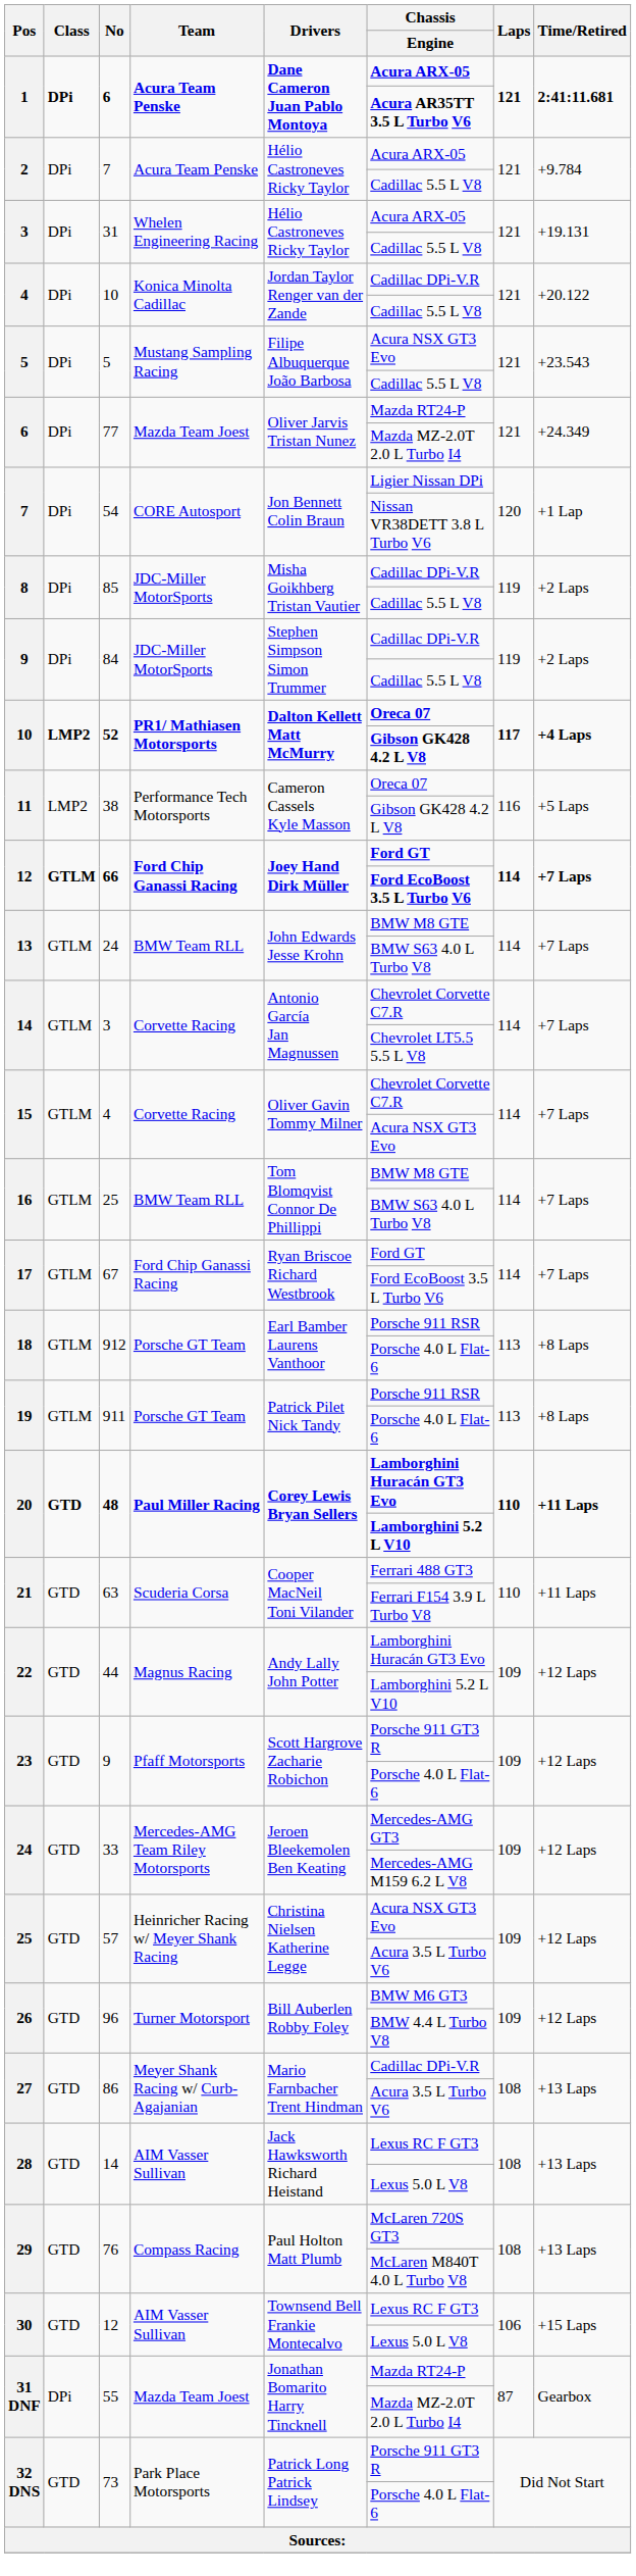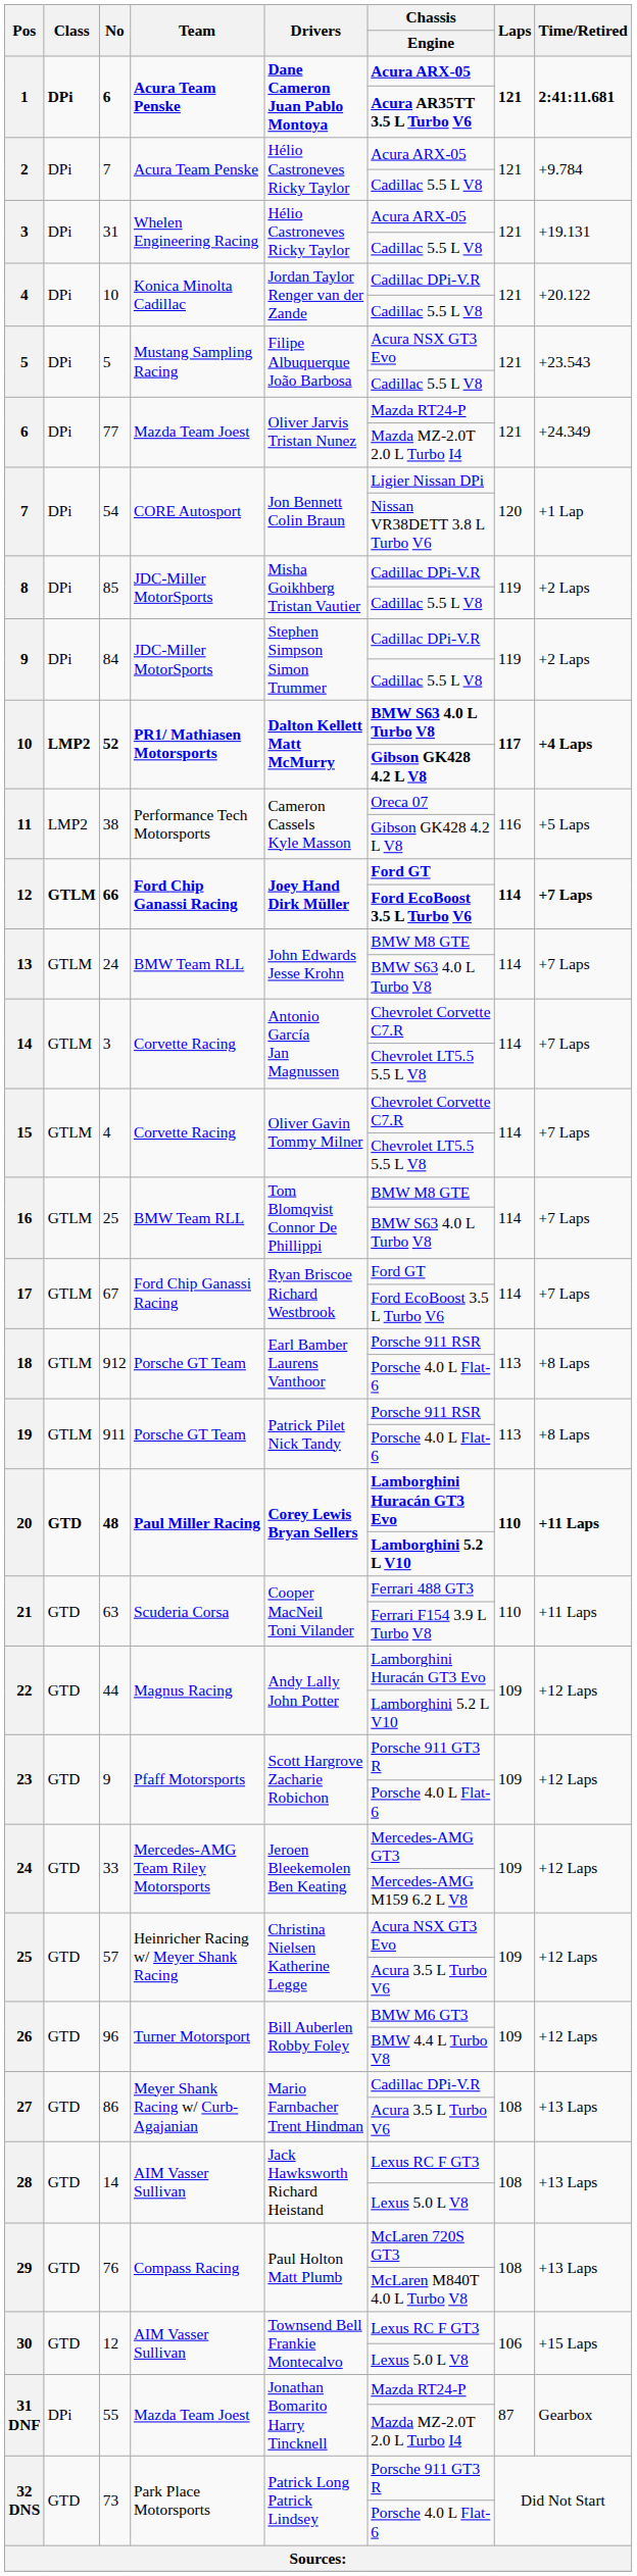 <table class="wikitable" style="font-size: 95%;">
 <tr>
 <th rowspan="2">Pos</th>
 <th rowspan="2">Class</th>
 <th rowspan="2">No</th>
 <th rowspan="2">Team</th>
 <th rowspan="2">Drivers</th>
 <th>Chassis</th>
 <th rowspan="2">Laps</th>
 <th rowspan="2">Time/Retired</th>
 </tr>
 <tr>
 <th>Engine</th>
 </tr>
 <tr style="font-weight:bold">
 <th rowspan="2">1</th>
 <td rowspan="2">DPi</td>
 <td rowspan="2">6</td>
 <td rowspan="2"> <a href='#'>Acura Team Penske</a></td>
 <td rowspan="2"> <a href='#'>Dane Cameron</a><br> <a href='#'>Juan Pablo Montoya</a></td>
 <td><a href='#'>Acura ARX-05</a></td>
 <td rowspan="2">121</td>
 <td rowspan="2">2:41:11.681</td>
 </tr>
 <tr style="font-weight:bold">
 <td><a href='#'>Acura</a> AR35TT 3.5 L <a href='#'>Turbo</a> <a href='#'>V6</a></td>
 </tr>
 <tr>
 <th rowspan="2">2</th>
 <td rowspan="2">DPi</td>
 <td rowspan="2">7</td>
 <td rowspan="2"> <a href='#'>Acura Team Penske</a></td>
 <td rowspan="2"> <a href='#'>Hélio Castroneves</a><br> <a href='#'>Ricky Taylor</a></td>
 <td><a href='#'>Acura ARX-05</a></td>
 <td rowspan="2">121</td>
 <td rowspan="2">+9.784</td>
 </tr>
 <tr>
 <td><a href='#'>Cadillac</a> 5.5 L <a href='#'>V8</a></td>
 </tr>
 <tr>
 <th rowspan="2">3</th>
 <td rowspan="2">DPi</td>
 <td rowspan="2">31</td>
 <td rowspan="2"> <a href='#'>Whelen Engineering Racing</a></td>
 <td rowspan="2"> <a href='#'>Hélio Castroneves</a><br> <a href='#'>Ricky Taylor</a></td>
 <td><a href='#'>Acura ARX-05</a></td>
 <td rowspan="2">121</td>
 <td rowspan="2">+19.131</td>
 </tr>
 <tr>
 <td><a href='#'>Cadillac</a> 5.5 L <a href='#'>V8</a></td>
 </tr>
 <tr>
 <th rowspan="2">4</th>
 <td rowspan="2">DPi</td>
 <td rowspan="2">10</td>
 <td rowspan="2"> <a href='#'>Konica Minolta Cadillac</a></td>
 <td rowspan="2"> <a href='#'>Jordan Taylor</a><br> <a href='#'>Renger van der Zande</a></td>
 <td><a href='#'>Cadillac DPi-V.R</a></td>
 <td rowspan="2">121</td>
 <td rowspan="2">+20.122</td>
 </tr>
 <tr>
 <td><a href='#'>Cadillac</a> 5.5 L <a href='#'>V8</a></td>
 </tr>
 <tr>
 <th rowspan="2">5</th>
 <td rowspan="2">DPi</td>
 <td rowspan="2">5</td>
 <td rowspan="2"> <a href='#'>Mustang Sampling Racing</a></td>
 <td rowspan="2"> <a href='#'>Filipe Albuquerque</a><br> <a href='#'>João Barbosa</a></td>
 <td><a href='#'>Acura NSX GT3 Evo</a></td>
 <td rowspan="2">121</td>
 <td rowspan="2">+23.543</td>
 </tr>
 <tr>
 <td><a href='#'>Cadillac</a> 5.5 L <a href='#'>V8</a></td>
 </tr>
 <tr>
 <th rowspan="2">6</th>
 <td rowspan="2">DPi</td>
 <td rowspan="2">77</td>
 <td rowspan="2"> <a href='#'>Mazda Team Joest</a></td>
 <td rowspan="2"> <a href='#'>Oliver Jarvis</a><br> <a href='#'>Tristan Nunez</a></td>
 <td><a href='#'>Mazda RT24-P</a></td>
 <td rowspan="2">121</td>
 <td rowspan="2">+24.349</td>
 </tr>
 <tr>
 <td><a href='#'>Mazda</a> MZ-2.0T 2.0 L <a href='#'>Turbo</a> <a href='#'>I4</a></td>
 </tr>
 <tr>
 <th rowspan="2">7</th>
 <td rowspan="2">DPi</td>
 <td rowspan="2">54</td>
 <td rowspan="2"> <a href='#'>CORE Autosport</a></td>
 <td rowspan="2"> <a href='#'>Jon Bennett</a><br> <a href='#'>Colin Braun</a></td>
 <td><a href='#'>Ligier Nissan DPi</a></td>
 <td rowspan="2">120</td>
 <td rowspan="2">+1 Lap</td>
 </tr>
 <tr>
 <td><a href='#'>Nissan</a> VR38DETT 3.8 L <a href='#'>Turbo</a> <a href='#'>V6</a></td>
 </tr>
 <tr>
 <th rowspan="2">8</th>
 <td rowspan="2">DPi</td>
 <td rowspan="2">85</td>
 <td rowspan="2"> <a href='#'>JDC-Miller MotorSports</a></td>
 <td rowspan="2"> <a href='#'>Misha Goikhberg</a><br> <a href='#'>Tristan Vautier</a></td>
 <td><a href='#'>Cadillac DPi-V.R</a></td>
 <td rowspan="2">119</td>
 <td rowspan="2">+2 Laps</td>
 </tr>
 <tr>
 <td><a href='#'>Cadillac</a> 5.5 L <a href='#'>V8</a></td>
 </tr>
 <tr>
 <th rowspan="2">9</th>
 <td rowspan="2">DPi</td>
 <td rowspan="2">84</td>
 <td rowspan="2"> <a href='#'>JDC-Miller MotorSports</a></td>
 <td rowspan="2"> <a href='#'>Stephen Simpson</a><br> <a href='#'>Simon Trummer</a></td>
 <td><a href='#'>Cadillac DPi-V.R</a></td>
 <td rowspan="2">119</td>
 <td rowspan="2">+2 Laps</td>
 </tr>
 <tr>
 <td><a href='#'>Cadillac</a> 5.5 L <a href='#'>V8</a></td>
 </tr>
 <tr style="font-weight:bold">
 <th rowspan="2">10</th>
 <td rowspan="2">LMP2</td>
 <td rowspan="2">52</td>
 <td rowspan="2"> <a href='#'>PR1/ Mathiasen Motorsports</a></td>
 <td rowspan="2"> <a href='#'>Dalton Kellett</a><br> <a href='#'>Matt McMurry</a></td>
-<td><a href='#'>Oreca 07</a></td>
+<td><a href='#'>BMW S63</a> 4.0 L <a href='#'>Turbo</a> <a href='#'>V8</a></td>
 <td rowspan="2">117</td>
 <td rowspan="2">+4 Laps</td>
 </tr>
 <tr style="font-weight:bold">
 <td><a href='#'>Gibson</a> GK428 4.2 L <a href='#'>V8</a></td>
 </tr>
 <tr>
 <th rowspan="2">11</th>
 <td rowspan="2">LMP2</td>
 <td rowspan="2">38</td>
 <td rowspan="2"> Performance Tech Motorsports</td>
 <td rowspan="2"> Cameron Cassels<br> <a href='#'>Kyle Masson</a></td>
 <td><a href='#'>Oreca 07</a></td>
 <td rowspan="2">116</td>
 <td rowspan="2">+5 Laps</td>
 </tr>
 <tr>
 <td><a href='#'>Gibson</a> GK428 4.2 L <a href='#'>V8</a></td>
 </tr>
 <tr style="font-weight:bold">
 <th rowspan="2">12</th>
 <td rowspan="2">GTLM</td>
 <td rowspan="2">66</td>
 <td rowspan="2"> <a href='#'>Ford Chip Ganassi Racing</a></td>
 <td rowspan="2"> <a href='#'>Joey Hand</a><br> <a href='#'>Dirk Müller</a></td>
 <td><a href='#'>Ford GT</a></td>
 <td rowspan="2">114</td>
 <td rowspan="2">+7 Laps</td>
 </tr>
 <tr style="font-weight:bold">
 <td><a href='#'>Ford EcoBoost</a> 3.5 L <a href='#'>Turbo</a> <a href='#'>V6</a></td>
 </tr>
 <tr>
 <th rowspan="2">13</th>
 <td rowspan="2">GTLM</td>
 <td rowspan="2">24</td>
 <td rowspan="2"> <a href='#'>BMW Team RLL</a></td>
 <td rowspan="2"> <a href='#'>John Edwards</a><br> <a href='#'>Jesse Krohn</a></td>
 <td><a href='#'>BMW M8 GTE</a></td>
 <td rowspan="2">114</td>
 <td rowspan="2">+7 Laps</td>
 </tr>
 <tr>
 <td><a href='#'>BMW S63</a> 4.0 L <a href='#'>Turbo</a> <a href='#'>V8</a></td>
 </tr>
 <tr>
 <th rowspan="2">14</th>
 <td rowspan="2">GTLM</td>
 <td rowspan="2">3</td>
 <td rowspan="2"> <a href='#'>Corvette Racing</a></td>
 <td rowspan="2"> <a href='#'>Antonio García</a><br> <a href='#'>Jan Magnussen</a></td>
 <td><a href='#'>Chevrolet Corvette C7.R</a></td>
 <td rowspan="2">114</td>
 <td rowspan="2">+7 Laps</td>
 </tr>
 <tr>
 <td><a href='#'>Chevrolet LT5.5</a> 5.5 L <a href='#'>V8</a></td>
 </tr>
 <tr>
 <th rowspan="2">15</th>
 <td rowspan="2">GTLM</td>
 <td rowspan="2">4</td>
 <td rowspan="2"> <a href='#'>Corvette Racing</a></td>
 <td rowspan="2"> <a href='#'>Oliver Gavin</a><br> <a href='#'>Tommy Milner</a></td>
 <td><a href='#'>Chevrolet Corvette C7.R</a></td>
 <td rowspan="2">114</td>
 <td rowspan="2">+7 Laps</td>
 </tr>
 <tr>
-<td><a href='#'>Acura NSX GT3 Evo</a></td>
+<td><a href='#'>Chevrolet LT5.5</a> 5.5 L <a href='#'>V8</a></td>
 </tr>
 <tr>
 <th rowspan="2">16</th>
 <td rowspan="2">GTLM</td>
 <td rowspan="2">25</td>
 <td rowspan="2"> <a href='#'>BMW Team RLL</a></td>
 <td rowspan="2"> <a href='#'>Tom Blomqvist</a><br> <a href='#'>Connor De Phillippi</a></td>
 <td><a href='#'>BMW M8 GTE</a></td>
 <td rowspan="2">114</td>
 <td rowspan="2">+7 Laps</td>
 </tr>
 <tr>
 <td><a href='#'>BMW S63</a> 4.0 L <a href='#'>Turbo</a> <a href='#'>V8</a></td>
 </tr>
 <tr>
 <th rowspan="2">17</th>
 <td rowspan="2">GTLM</td>
 <td rowspan="2">67</td>
 <td rowspan="2"> <a href='#'>Ford Chip Ganassi Racing</a></td>
 <td rowspan="2"> <a href='#'>Ryan Briscoe</a><br> <a href='#'>Richard Westbrook</a></td>
 <td><a href='#'>Ford GT</a></td>
 <td rowspan="2">114</td>
 <td rowspan="2">+7 Laps</td>
 </tr>
 <tr>
 <td><a href='#'>Ford EcoBoost</a> 3.5 L <a href='#'>Turbo</a> <a href='#'>V6</a></td>
 </tr>
 <tr>
 <th rowspan="2">18</th>
 <td rowspan="2">GTLM</td>
 <td rowspan="2">912</td>
 <td rowspan="2"> <a href='#'>Porsche GT Team</a></td>
 <td rowspan="2"> <a href='#'>Earl Bamber</a><br> <a href='#'>Laurens Vanthoor</a></td>
 <td><a href='#'>Porsche 911 RSR</a></td>
 <td rowspan="2">113</td>
 <td rowspan="2">+8 Laps</td>
 </tr>
 <tr>
 <td><a href='#'>Porsche</a> 4.0 L <a href='#'>Flat-6</a></td>
 </tr>
 <tr>
 <th rowspan="2">19</th>
 <td rowspan="2">GTLM</td>
 <td rowspan="2">911</td>
 <td rowspan="2"> <a href='#'>Porsche GT Team</a></td>
 <td rowspan="2"> <a href='#'>Patrick Pilet</a><br> <a href='#'>Nick Tandy</a></td>
 <td><a href='#'>Porsche 911 RSR</a></td>
 <td rowspan="2">113</td>
 <td rowspan="2">+8 Laps</td>
 </tr>
 <tr>
 <td><a href='#'>Porsche</a> 4.0 L <a href='#'>Flat-6</a></td>
 </tr>
 <tr style="font-weight:bold">
 <th rowspan="2">20</th>
 <td rowspan="2">GTD</td>
 <td rowspan="2">48</td>
 <td rowspan="2"> <a href='#'>Paul Miller Racing</a></td>
 <td rowspan="2"> <a href='#'>Corey Lewis</a><br> <a href='#'>Bryan Sellers</a></td>
 <td><a href='#'>Lamborghini Huracán GT3 Evo</a></td>
 <td rowspan="2">110</td>
 <td rowspan="2">+11 Laps</td>
 </tr>
 <tr style="font-weight:bold">
 <td><a href='#'>Lamborghini</a> 5.2 L <a href='#'>V10</a></td>
 </tr>
 <tr>
 <th rowspan="2">21</th>
 <td rowspan="2">GTD</td>
 <td rowspan="2">63</td>
 <td rowspan="2"> <a href='#'>Scuderia Corsa</a></td>
 <td rowspan="2"> <a href='#'>Cooper MacNeil</a><br> <a href='#'>Toni Vilander</a></td>
 <td><a href='#'>Ferrari 488 GT3</a></td>
 <td rowspan="2">110</td>
 <td rowspan="2">+11 Laps</td>
 </tr>
 <tr>
 <td><a href='#'>Ferrari F154</a> 3.9 L <a href='#'>Turbo</a> <a href='#'>V8</a></td>
 </tr>
 <tr>
 <th rowspan="2">22</th>
 <td rowspan="2">GTD</td>
 <td rowspan="2">44</td>
 <td rowspan="2"> <a href='#'>Magnus Racing</a></td>
 <td rowspan="2"> <a href='#'>Andy Lally</a><br> <a href='#'>John Potter</a></td>
 <td><a href='#'>Lamborghini Huracán GT3 Evo</a></td>
 <td rowspan="2">109</td>
 <td rowspan="2">+12 Laps</td>
 </tr>
 <tr>
 <td><a href='#'>Lamborghini</a> 5.2 L <a href='#'>V10</a></td>
 </tr>
 <tr>
 <th rowspan="2">23</th>
 <td rowspan="2">GTD</td>
 <td rowspan="2">9</td>
 <td rowspan="2"> <a href='#'>Pfaff Motorsports</a></td>
 <td rowspan="2"> <a href='#'>Scott Hargrove</a><br> <a href='#'>Zacharie Robichon</a></td>
 <td><a href='#'>Porsche 911 GT3 R</a></td>
 <td rowspan="2">109</td>
 <td rowspan="2">+12 Laps</td>
 </tr>
 <tr>
 <td><a href='#'>Porsche</a> 4.0 L <a href='#'>Flat-6</a></td>
 </tr>
 <tr>
 <th rowspan="2">24</th>
 <td rowspan="2">GTD</td>
 <td rowspan="2">33</td>
 <td rowspan="2"> <a href='#'>Mercedes-AMG Team Riley Motorsports</a></td>
 <td rowspan="2"> <a href='#'>Jeroen Bleekemolen</a><br> <a href='#'>Ben Keating</a></td>
 <td><a href='#'>Mercedes-AMG GT3</a></td>
 <td rowspan="2">109</td>
 <td rowspan="2">+12 Laps</td>
 </tr>
 <tr>
 <td><a href='#'>Mercedes-AMG</a> M159 6.2 L <a href='#'>V8</a></td>
 </tr>
 <tr>
 <th rowspan="2">25</th>
 <td rowspan="2">GTD</td>
 <td rowspan="2">57</td>
 <td rowspan="2"> Heinricher Racing w/ <a href='#'>Meyer Shank Racing</a></td>
 <td rowspan="2"> <a href='#'>Christina Nielsen</a><br> <a href='#'>Katherine Legge</a></td>
 <td><a href='#'>Acura NSX GT3 Evo</a></td>
 <td rowspan="2">109</td>
 <td rowspan="2">+12 Laps</td>
 </tr>
 <tr>
 <td><a href='#'>Acura</a> 3.5 L <a href='#'>Turbo</a> <a href='#'>V6</a></td>
 </tr>
 <tr>
 <th rowspan="2">26</th>
 <td rowspan="2">GTD</td>
 <td rowspan="2">96</td>
 <td rowspan="2"> <a href='#'>Turner Motorsport</a></td>
 <td rowspan="2"> <a href='#'>Bill Auberlen</a><br> <a href='#'>Robby Foley</a></td>
 <td><a href='#'>BMW M6 GT3</a></td>
 <td rowspan="2">109</td>
 <td rowspan="2">+12 Laps</td>
 </tr>
 <tr>
 <td><a href='#'>BMW</a> 4.4 L <a href='#'>Turbo</a> <a href='#'>V8</a></td>
 </tr>
 <tr>
 <th rowspan="2">27</th>
 <td rowspan="2">GTD</td>
 <td rowspan="2">86</td>
 <td rowspan="2"> <a href='#'>Meyer Shank Racing</a> w/ <a href='#'>Curb-Agajanian</a></td>
 <td rowspan="2"> <a href='#'>Mario Farnbacher</a><br> <a href='#'>Trent Hindman</a></td>
 <td><a href='#'>Cadillac DPi-V.R</a></td>
 <td rowspan="2">108</td>
 <td rowspan="2">+13 Laps</td>
 </tr>
 <tr>
 <td><a href='#'>Acura</a> 3.5 L <a href='#'>Turbo</a> <a href='#'>V6</a></td>
 </tr>
 <tr>
 <th rowspan="2">28</th>
 <td rowspan="2">GTD</td>
 <td rowspan="2">14</td>
 <td rowspan="2"> <a href='#'>AIM Vasser Sullivan</a></td>
 <td rowspan="2"> <a href='#'>Jack Hawksworth</a><br> Richard Heistand</td>
 <td><a href='#'>Lexus RC F GT3</a></td>
 <td rowspan="2">108</td>
 <td rowspan="2">+13 Laps</td>
 </tr>
 <tr>
 <td><a href='#'>Lexus</a> 5.0 L <a href='#'>V8</a></td>
 </tr>
 <tr>
 <th rowspan="2">29</th>
 <td rowspan="2">GTD</td>
 <td rowspan="2">76</td>
 <td rowspan="2"> <a href='#'>Compass Racing</a></td>
 <td rowspan="2"> Paul Holton<br> <a href='#'>Matt Plumb</a></td>
 <td><a href='#'>McLaren 720S GT3</a></td>
 <td rowspan="2">108</td>
 <td rowspan="2">+13 Laps</td>
 </tr>
 <tr>
 <td><a href='#'>McLaren</a> M840T 4.0 L <a href='#'>Turbo</a> <a href='#'>V8</a></td>
 </tr>
 <tr>
 <th rowspan="2">30</th>
 <td rowspan="2">GTD</td>
 <td rowspan="2">12</td>
 <td rowspan="2"> <a href='#'>AIM Vasser Sullivan</a></td>
 <td rowspan="2"> <a href='#'>Townsend Bell</a><br> <a href='#'>Frankie Montecalvo</a></td>
 <td><a href='#'>Lexus RC F GT3</a></td>
 <td rowspan="2">106</td>
 <td rowspan="2">+15 Laps</td>
 </tr>
 <tr>
 <td><a href='#'>Lexus</a> 5.0 L <a href='#'>V8</a></td>
 </tr>
 <tr>
 <th rowspan="2">31<br>DNF</th>
 <td rowspan="2">DPi</td>
 <td rowspan="2">55</td>
 <td rowspan="2"> <a href='#'>Mazda Team Joest</a></td>
 <td rowspan="2"> <a href='#'>Jonathan Bomarito</a><br> <a href='#'>Harry Tincknell</a></td>
 <td><a href='#'>Mazda RT24-P</a></td>
 <td rowspan="2">87</td>
 <td rowspan="2">Gearbox</td>
 </tr>
 <tr>
 <td><a href='#'>Mazda</a> MZ-2.0T 2.0 L <a href='#'>Turbo</a> <a href='#'>I4</a></td>
 </tr>
 <tr>
 <th rowspan="2">32<br>DNS</th>
 <td rowspan="2">GTD</td>
 <td rowspan="2">73</td>
 <td rowspan="2"> Park Place Motorsports</td>
 <td rowspan="2"> <a href='#'>Patrick Long</a><br> <a href='#'>Patrick Lindsey</a></td>
 <td><a href='#'>Porsche 911 GT3 R</a></td>
 <td colspan="2" rowspan="2" align="center">Did Not Start</td>
 </tr>
 <tr>
 <td><a href='#'>Porsche</a> 4.0 L <a href='#'>Flat-6</a></td>
 </tr>
 <tr>
 <th colspan="8" align="center">Sources:</th>
 </tr>
 <tr>
 </tr>
 </table>
